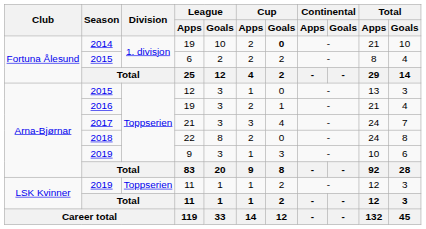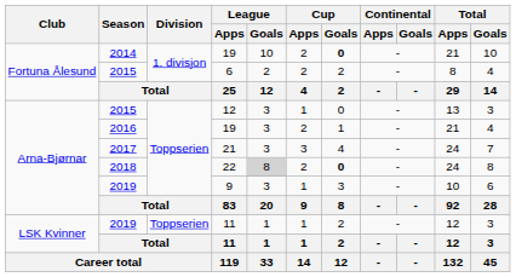 <table class="wikitable" style="text-align: center;">
 <tr>
 <th rowspan="2">Club</th>
 <th rowspan="2">Season</th>
 <th rowspan="2">Division</th>
 <th colspan="2">League</th>
 <th colspan="2">Cup</th>
 <th colspan="2">Continental</th>
 <th colspan="2">Total</th>
 </tr>
 <tr>
 <th>Apps</th>
 <th>Goals</th>
 <th>Apps</th>
 <th>Goals</th>
 <th>Apps</th>
 <th>Goals</th>
 <th>Apps</th>
 <th>Goals</th>
 </tr>
 <tr>
 <td rowspan="3" valign="center"><a href='#'>Fortuna Ålesund</a></td>
 <td><a href='#'>2014</a></td>
 <td rowspan="2" valign="center"><a href='#'>1. divisjon</a></td>
 <td>19</td>
 <td>10</td>
 <td>2</td>
 <td><strong>0</strong></td>
 <td colspan="2">-</td>
 <td>21</td>
 <td>10</td>
 </tr>
 <tr>
 <td><a href='#'>2015</a></td>
 <td>6</td>
 <td>2</td>
 <td>2</td>
 <td>2</td>
 <td colspan="2">-</td>
 <td>8</td>
 <td>4</td>
 </tr>
 <tr>
 <th colspan="2">Total</th>
 <th>25</th>
 <th>12</th>
 <th>4</th>
 <th>2</th>
 <th>-</th>
 <th>-</th>
 <th>29</th>
 <th>14</th>
 </tr>
 <tr>
 <td rowspan="6" valign="center"><a href='#'>Arna-Bjørnar</a></td>
 <td><a href='#'>2015</a></td>
 <td rowspan="5" valign="center"><a href='#'>Toppserien</a></td>
 <td>12</td>
 <td>3</td>
 <td>1</td>
 <td>0</td>
 <td colspan="2">-</td>
 <td>13</td>
 <td>3</td>
 </tr>
 <tr>
 <td><a href='#'>2016</a></td>
 <td>19</td>
 <td>3</td>
 <td>2</td>
 <td>1</td>
 <td colspan="2">-</td>
 <td>21</td>
 <td>4</td>
 </tr>
 <tr>
 <td><a href='#'>2017</a></td>
 <td>21</td>
 <td>3</td>
 <td>3</td>
 <td>4</td>
 <td colspan="2">-</td>
 <td>24</td>
 <td>7</td>
 </tr>
 <tr>
 <td><a href='#'>2018</a></td>
 <td>22</td>
-<td>8</td>
+<td style="background: lightgrey;">8</td>
 <td>2</td>
-<td>0</td>
+<td><strong>0</strong></td>
 <td colspan="2">-</td>
 <td>24</td>
 <td>8</td>
 </tr>
 <tr>
 <td><a href='#'>2019</a></td>
 <td>9</td>
 <td>3</td>
 <td>1</td>
 <td>3</td>
 <td colspan="2">-</td>
 <td>10</td>
 <td>6</td>
 </tr>
 <tr>
 <th colspan="2">Total</th>
 <th>83</th>
 <th>20</th>
 <th>9</th>
 <th>8</th>
 <th>-</th>
 <th>-</th>
 <th>92</th>
 <th>28</th>
 </tr>
 <tr>
 <td rowspan="2" valign="center"><a href='#'>LSK Kvinner</a></td>
 <td><a href='#'>2019</a></td>
 <td rowspan="1" valign="center"><a href='#'>Toppserien</a></td>
 <td>11</td>
 <td>1</td>
 <td>1</td>
 <td>2</td>
 <td colspan="2">-</td>
 <td>12</td>
 <td>3</td>
 </tr>
 <tr>
 <th colspan="2">Total</th>
 <th>11</th>
 <th>1</th>
 <th>1</th>
 <th>2</th>
 <th>-</th>
 <th>-</th>
 <th>12</th>
 <th>3</th>
 </tr>
 <tr>
 <th colspan="3">Career total</th>
 <th>119</th>
 <th>33</th>
 <th>14</th>
 <th>12</th>
 <th>-</th>
 <th>-</th>
 <th>132</th>
 <th>45</th>
 </tr>
 </table>
